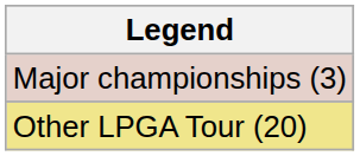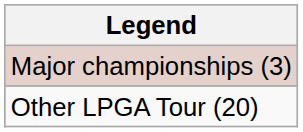 <table class="wikitable" style="font-size:95%;">
 <tr>
 <th>Legend</th>
 </tr>
 <tr style="background:#e5d1cb;">
 <td>Major championships (3)</td>
 </tr>
 <tr>
-<td style="background: khaki;">Other LPGA Tour (20)</td>
+<td>Other LPGA Tour (20)</td>
 </tr>
 </table>
